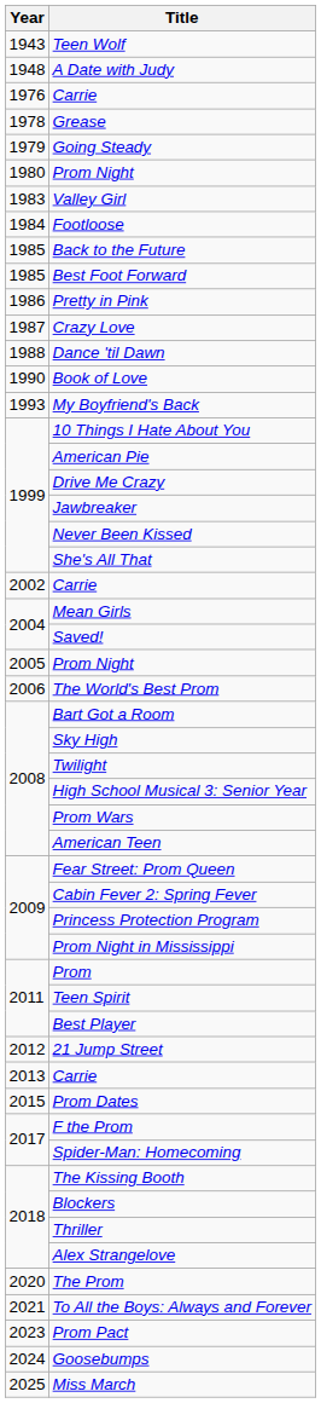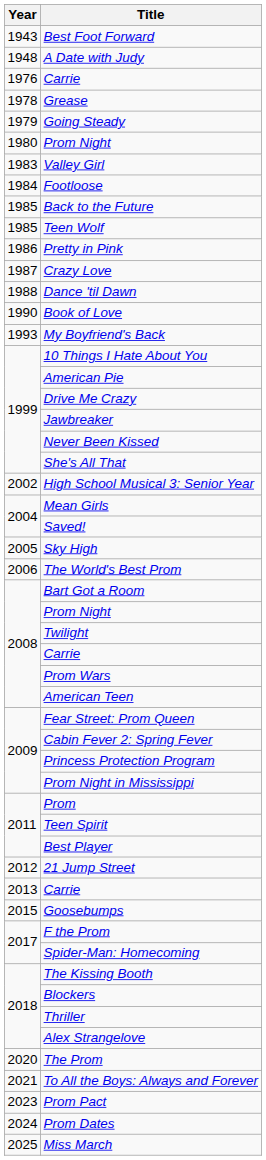 <table class="wikitable sortable">
 <tr>
 <th>Year</th>
 <th>Title</th>
 </tr>
 <tr>
 <td>1943</td>
-<td><em><a href='#'>Teen Wolf</a></em></td>
+<td><em><a href='#'>Best Foot Forward</a></em></td>
 </tr>
 <tr>
 <td>1948</td>
 <td><em><a href='#'>A Date with Judy</a></em></td>
 </tr>
 <tr>
 <td>1976</td>
 <td><em><a href='#'>Carrie</a></em></td>
 </tr>
 <tr>
 <td>1978</td>
 <td><em><a href='#'>Grease</a></em></td>
 </tr>
 <tr>
 <td>1979</td>
 <td><em><a href='#'>Going Steady</a></em></td>
 </tr>
 <tr>
 <td>1980</td>
 <td><em><a href='#'>Prom Night</a></em></td>
 </tr>
 <tr>
 <td>1983</td>
 <td><em><a href='#'>Valley Girl</a></em></td>
 </tr>
 <tr>
 <td>1984</td>
 <td><em><a href='#'>Footloose</a></em></td>
 </tr>
 <tr>
 <td>1985</td>
 <td><em><a href='#'>Back to the Future</a></em></td>
 </tr>
 <tr>
 <td>1985</td>
-<td><em><a href='#'>Best Foot Forward</a></em></td>
+<td><em><a href='#'>Teen Wolf</a></em></td>
 </tr>
 <tr>
 <td>1986</td>
 <td><em><a href='#'>Pretty in Pink</a></em></td>
 </tr>
 <tr>
 <td>1987</td>
 <td><em><a href='#'>Crazy Love</a></em></td>
 </tr>
 <tr>
 <td>1988</td>
 <td><em><a href='#'>Dance 'til Dawn</a></em></td>
 </tr>
 <tr>
 <td>1990</td>
 <td><em><a href='#'>Book of Love</a></em></td>
 </tr>
 <tr>
 <td>1993</td>
 <td><em><a href='#'>My Boyfriend's Back</a></em></td>
 </tr>
 <tr>
 <td rowspan="6">1999</td>
 <td><em><a href='#'>10 Things I Hate About You</a></em></td>
 </tr>
 <tr>
 <td><em><a href='#'>American Pie</a></em></td>
 </tr>
 <tr>
 <td><em><a href='#'>Drive Me Crazy</a></em></td>
 </tr>
 <tr>
 <td><em><a href='#'>Jawbreaker</a></em></td>
 </tr>
 <tr>
 <td><em><a href='#'>Never Been Kissed</a></em></td>
 </tr>
 <tr>
 <td><em><a href='#'>She's All That</a></em></td>
 </tr>
 <tr>
 <td>2002</td>
-<td><em><a href='#'>Carrie</a></em></td>
+<td><em><a href='#'>High School Musical 3: Senior Year</a></em></td>
 </tr>
 <tr>
 <td rowspan="2">2004</td>
 <td><em><a href='#'>Mean Girls</a></em></td>
 </tr>
 <tr>
 <td><em><a href='#'>Saved!</a></em></td>
 </tr>
 <tr>
 <td>2005</td>
-<td><em><a href='#'>Prom Night</a></em></td>
+<td><em><a href='#'>Sky High</a></em></td>
 </tr>
 <tr>
 <td>2006</td>
 <td><em><a href='#'>The World's Best Prom</a></em></td>
 </tr>
 <tr>
 <td rowspan="6">2008</td>
 <td><em><a href='#'>Bart Got a Room</a></em></td>
 </tr>
 <tr>
-<td><em><a href='#'>Sky High</a></em></td>
+<td><em><a href='#'>Prom Night</a></em></td>
 </tr>
 <tr>
 <td><em><a href='#'>Twilight</a></em></td>
 </tr>
 <tr>
-<td><em><a href='#'>High School Musical 3: Senior Year</a></em></td>
+<td><em><a href='#'>Carrie</a></em></td>
 </tr>
 <tr>
 <td><em><a href='#'>Prom Wars</a></em></td>
 </tr>
 <tr>
 <td><em><a href='#'>American Teen</a></em></td>
 </tr>
 <tr>
 <td rowspan="4">2009</td>
 <td><em><a href='#'>Fear Street: Prom Queen</a></em></td>
 </tr>
 <tr>
 <td><em><a href='#'>Cabin Fever 2: Spring Fever</a></em></td>
 </tr>
 <tr>
 <td><em><a href='#'>Princess Protection Program</a></em></td>
 </tr>
 <tr>
 <td><em><a href='#'>Prom Night in Mississippi</a></em></td>
 </tr>
 <tr>
 <td rowspan="3">2011</td>
 <td><em><a href='#'>Prom</a></em></td>
 </tr>
 <tr>
 <td><em><a href='#'>Teen Spirit</a></em></td>
 </tr>
 <tr>
 <td><em><a href='#'>Best Player</a></em></td>
 </tr>
 <tr>
 <td>2012</td>
 <td><em><a href='#'>21 Jump Street</a></em></td>
 </tr>
 <tr>
 <td>2013</td>
 <td><em><a href='#'>Carrie</a></em></td>
 </tr>
 <tr>
 <td>2015</td>
-<td><em><a href='#'>Prom Dates</a></em></td>
+<td><em><a href='#'>Goosebumps</a></em></td>
 </tr>
 <tr>
 <td rowspan="2">2017</td>
 <td><em><a href='#'>F the Prom</a></em></td>
 </tr>
 <tr>
 <td><em><a href='#'>Spider-Man: Homecoming</a></em></td>
 </tr>
 <tr>
 <td rowspan="4">2018</td>
 <td><em><a href='#'>The Kissing Booth</a></em></td>
 </tr>
 <tr>
 <td><em><a href='#'>Blockers</a></em></td>
 </tr>
 <tr>
 <td><em><a href='#'>Thriller</a></em></td>
 </tr>
 <tr>
 <td><em><a href='#'>Alex Strangelove</a></em></td>
 </tr>
 <tr>
 <td>2020</td>
 <td><em><a href='#'>The Prom</a></em></td>
 </tr>
 <tr>
 <td>2021</td>
 <td><em><a href='#'>To All the Boys: Always and Forever</a></em></td>
 </tr>
 <tr>
 <td>2023</td>
 <td><em><a href='#'>Prom Pact</a></em></td>
 </tr>
 <tr>
 <td>2024</td>
-<td><em><a href='#'>Goosebumps</a></em></td>
+<td><em><a href='#'>Prom Dates</a></em></td>
 </tr>
 <tr>
 <td>2025</td>
 <td><em><a href='#'>Miss March</a></em></td>
 </tr>
 </table>
